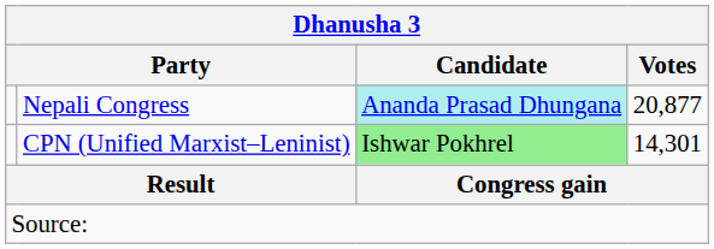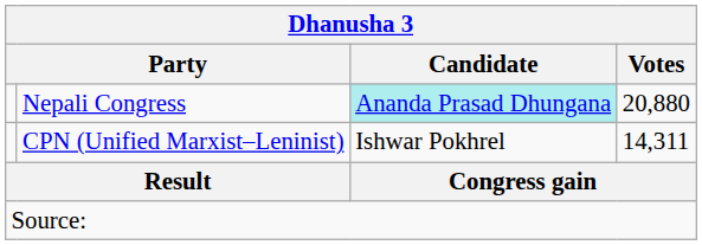 <table class="wikitable">
 <tr>
 <th colspan="4"><a href='#'>Dhanusha 3</a></th>
 </tr>
 <tr>
 <th colspan="2">Party</th>
 <th>Candidate</th>
 <th>Votes</th>
 </tr>
 <tr>
 <td style="background-color:"></td>
 <td><a href='#'>Nepali Congress</a></td>
 <td style="background: paleturquoise;"><a href='#'>Ananda Prasad Dhungana</a></td>
-<td>20,877</td>
+<td>20,880</td>
 </tr>
 <tr>
 <td style="background-color:"></td>
 <td><a href='#'>CPN (Unified Marxist–Leninist)</a></td>
-<td style="background: lightgreen;">Ishwar Pokhrel</td>
-<td>14,301</td>
+<td>Ishwar Pokhrel</td>
+<td>14,311</td>
 </tr>
 <tr>
 <th colspan="2">Result</th>
 <th colspan="2">Congress gain</th>
 </tr>
 <tr>
 <td colspan="4">Source: </td>
 </tr>
 </table>
